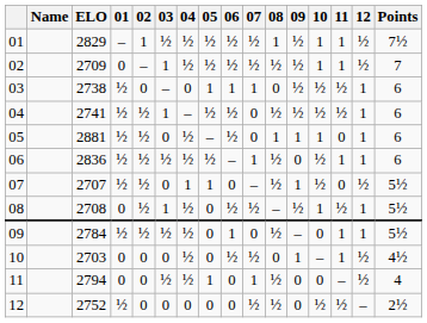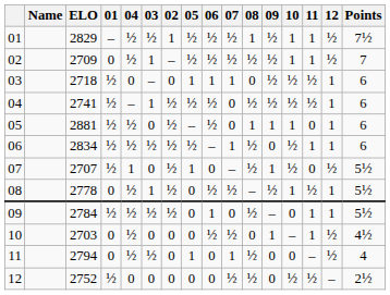 <table class="wikitable" style="text-align:center;">
 <tr>
 <th></th>
 <th>Name</th>
 <th>ELO</th>
 <th>01</th>
+<th>04</th>
+<th>03</th>
 <th>02</th>
-<th>03</th>
-<th>04</th>
 <th>05</th>
 <th>06</th>
 <th>07</th>
 <th>08</th>
 <th>09</th>
 <th>10</th>
 <th>11</th>
 <th>12</th>
 <th>Points</th>
 </tr>
 <tr>
 <td>01</td>
 <td style="text-align:left;" data-sort-value="Nakamura"></td>
 <td>2829</td>
 <td>–</td>
-<td>1</td>
 <td>½</td>
 <td>½</td>
+<td>1</td>
 <td>½</td>
 <td>½</td>
 <td>½</td>
 <td>1</td>
 <td>½</td>
 <td>1</td>
 <td>1</td>
 <td>½</td>
 <td>7½</td>
 </tr>
 <tr>
 <td>02</td>
 <td style="text-align:left;" data-sort-value="Karjakin"></td>
 <td>2709</td>
 <td>0</td>
+<td>½</td>
+<td>1</td>
 <td>–</td>
-<td>1</td>
-<td>½</td>
 <td>½</td>
 <td>½</td>
 <td>½</td>
 <td>½</td>
 <td>½</td>
 <td>1</td>
 <td>1</td>
 <td>½</td>
 <td>7</td>
 </tr>
 <tr>
 <td>03</td>
 <td style="text-align:left;" data-sort-value="Yu"></td>
-<td>2738</td>
+<td>2718</td>
 <td>½</td>
 <td>0</td>
 <td>–</td>
 <td>0</td>
 <td>1</td>
 <td>1</td>
 <td>1</td>
 <td>0</td>
 <td>½</td>
 <td>½</td>
 <td>½</td>
 <td>1</td>
 <td>6</td>
 </tr>
 <tr>
 <td>04</td>
 <td style="text-align:left;" data-sort-value="So"></td>
 <td>2741</td>
 <td>½</td>
+<td>–</td>
+<td>1</td>
 <td>½</td>
-<td>1</td>
-<td>–</td>
 <td>½</td>
 <td>½</td>
 <td>0</td>
 <td>½</td>
 <td>½</td>
 <td>½</td>
 <td>½</td>
 <td>1</td>
 <td>6</td>
 </tr>
 <tr>
 <td>05</td>
 <td style="text-align:left;" data-sort-value="Carlsen"></td>
 <td>2881</td>
 <td>½</td>
 <td>½</td>
 <td>0</td>
 <td>½</td>
 <td>–</td>
 <td>½</td>
 <td>0</td>
 <td>1</td>
 <td>1</td>
 <td>1</td>
 <td>0</td>
 <td>1</td>
 <td>6</td>
 </tr>
 <tr>
 <td>06</td>
 <td style="text-align:left;" data-sort-value="Ding"></td>
-<td>2836</td>
+<td>2834</td>
 <td>½</td>
 <td>½</td>
 <td>½</td>
 <td>½</td>
 <td>½</td>
 <td>–</td>
 <td>1</td>
 <td>½</td>
 <td>0</td>
 <td>½</td>
 <td>1</td>
 <td>1</td>
 <td>6</td>
 </tr>
 <tr>
 <td>07</td>
 <td style="text-align:left;" data-sort-value="Dubov"></td>
 <td>2707</td>
 <td>½</td>
+<td>1</td>
+<td>0</td>
 <td>½</td>
-<td>0</td>
-<td>1</td>
 <td>1</td>
 <td>0</td>
 <td>–</td>
 <td>½</td>
 <td>1</td>
 <td>½</td>
 <td>0</td>
 <td>½</td>
 <td>5½</td>
 </tr>
 <tr>
 <td>08</td>
 <td style="text-align:left;" data-sort-value="Aronian"></td>
-<td>2708</td>
+<td>2778</td>
 <td>0</td>
 <td>½</td>
 <td>1</td>
 <td>½</td>
 <td>0</td>
 <td>½</td>
 <td>½</td>
 <td>–</td>
 <td>½</td>
 <td>1</td>
 <td>½</td>
 <td>1</td>
 <td>5½</td>
 </tr>
 <tr>
 <td style="border-top: 2px solid #000000;">09</td>
 <td style="text-align:left; border-top: 2px solid #000000;" data-sort-value="Grischuk"></td>
 <td style="border-top: 2px solid #000000;">2784</td>
 <td style="border-top: 2px solid #000000;">½</td>
 <td style="border-top: 2px solid #000000;">½</td>
 <td style="border-top: 2px solid #000000;">½</td>
 <td style="border-top: 2px solid #000000;">½</td>
 <td style="border-top: 2px solid #000000;">0</td>
 <td style="border-top: 2px solid #000000;">1</td>
 <td style="border-top: 2px solid #000000;">0</td>
 <td style="border-top: 2px solid #000000;">½</td>
 <td style="border-top: 2px solid #000000;">–</td>
 <td style="border-top: 2px solid #000000;">0</td>
 <td style="border-top: 2px solid #000000;">1</td>
 <td style="border-top: 2px solid #000000;">1</td>
 <td style="border-top: 2px solid #000000;">5½</td>
 </tr>
 <tr>
 <td>10</td>
 <td style="text-align:left;" data-sort-value="Firouzja"></td>
 <td>2703</td>
 <td>0</td>
+<td>½</td>
 <td>0</td>
 <td>0</td>
-<td>½</td>
 <td>0</td>
 <td>½</td>
 <td>½</td>
 <td>0</td>
 <td>1</td>
 <td>–</td>
 <td>1</td>
 <td>½</td>
 <td>4½</td>
 </tr>
 <tr>
 <td>11</td>
 <td style="text-align:left;" data-sort-value="Duda"></td>
 <td>2794</td>
 <td>0</td>
-<td>0</td>
 <td>½</td>
 <td>½</td>
+<td>0</td>
 <td>1</td>
 <td>0</td>
 <td>1</td>
 <td>½</td>
 <td>0</td>
 <td>0</td>
 <td>–</td>
 <td>½</td>
 <td>4</td>
 </tr>
 <tr>
 <td>12</td>
 <td style="text-align:left;" data-sort-value="Wei"></td>
 <td>2752</td>
 <td>½</td>
 <td>0</td>
 <td>0</td>
 <td>0</td>
 <td>0</td>
 <td>0</td>
 <td>½</td>
 <td>½</td>
 <td>0</td>
 <td>½</td>
 <td>½</td>
 <td>–</td>
 <td>2½</td>
 </tr>
 </table>
